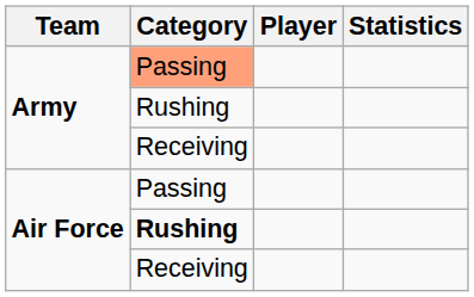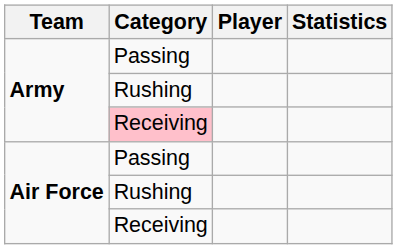 <table class="wikitable" style="float: left;">
 <tr>
 <th>Team</th>
 <th>Category</th>
 <th>Player</th>
 <th>Statistics</th>
 </tr>
 <tr>
 <td rowspan=3><strong>Army</strong></td>
-<td style="background: lightsalmon;">Passing</td>
+<td>Passing</td>
+<td></td>
+<td></td>
+</tr>
+<tr>
+<td>Rushing</td>
+<td></td>
+<td></td>
+</tr>
+<tr>
+<td style="background: pink;">Receiving</td>
+<td></td>
+<td></td>
+</tr>
+<tr>
+<td rowspan=3><strong>Air Force</strong></td>
+<td>Passing</td>
 <td></td>
 <td></td>
 </tr>
 <tr>
 <td>Rushing</td>
 <td></td>
 <td></td>
 </tr>
 <tr>
 <td>Receiving</td>
 <td></td>
 <td></td>
 </tr>
-<tr>
-<td rowspan=3><strong>Air Force</strong></td>
-<td>Passing</td>
-<td></td>
-<td></td>
-</tr>
-<tr>
-<td><strong>Rushing</strong></td>
-<td></td>
-<td></td>
-</tr>
-<tr>
-<td>Receiving</td>
-<td></td>
-<td></td>
-</tr>
 </table>
